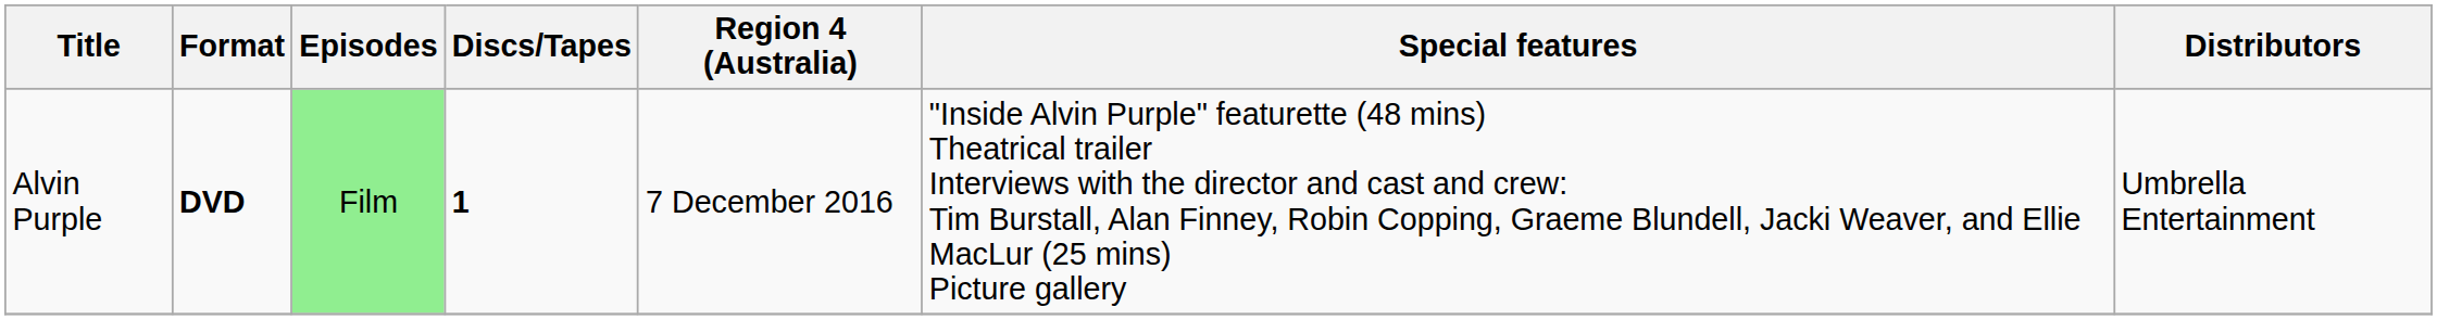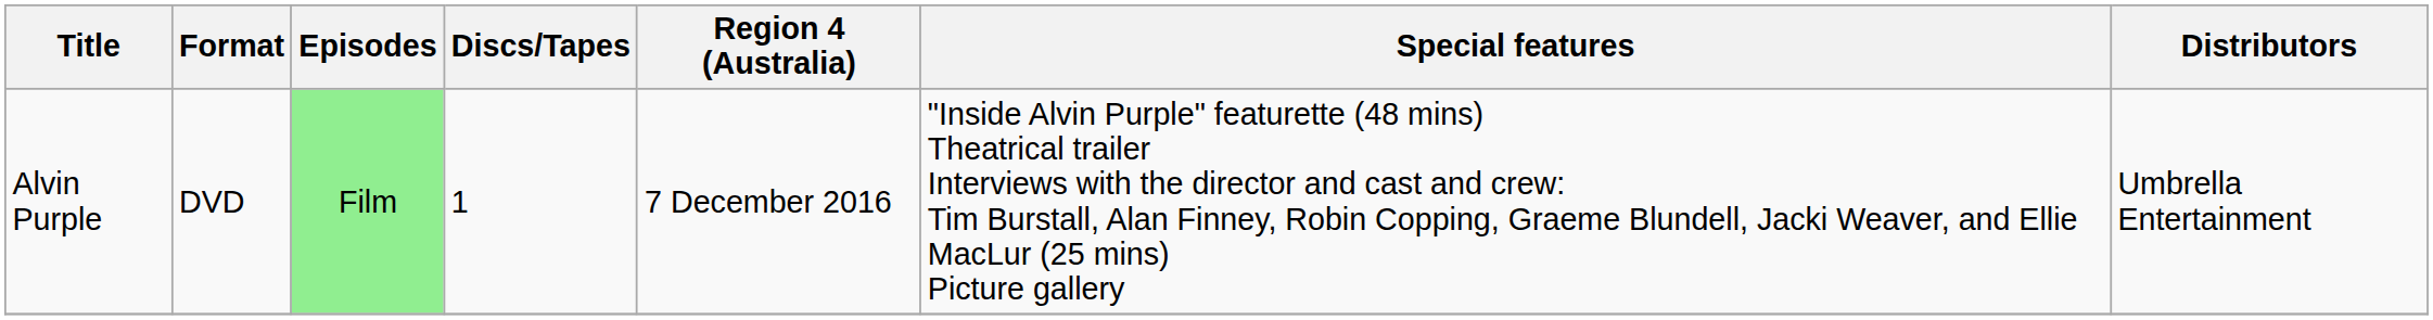 <table class=wikitable>
 <tr>
 <th>Title</th>
 <th>Format</th>
 <th>Episodes</th>
 <th>Discs/Tapes</th>
 <th>Region 4 (Australia)</th>
 <th>Special features</th>
 <th>Distributors</th>
 </tr>
 <tr>
 <td>Alvin Purple</td>
-<td><strong>DVD</strong></td>
+<td>DVD</td>
 <td style="background: lightgreen; text-align:center;">Film</td>
-<td><strong>1</strong></td>
+<td>1</td>
 <td>7 December 2016</td>
 <td>"Inside Alvin Purple" featurette (48 mins)<br>Theatrical trailer<br>Interviews with the director and cast and crew:<br>Tim Burstall, Alan Finney, Robin Copping, Graeme Blundell, Jacki Weaver, and Ellie MacLur (25 mins)<br>Picture gallery</td>
 <td>Umbrella Entertainment</td>
 </tr>
 <tr>
 </tr>
 </table>
